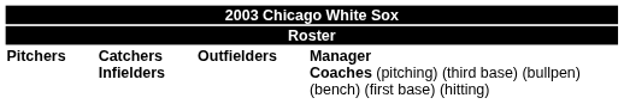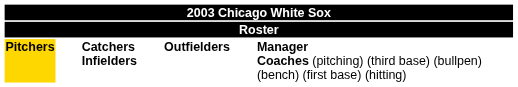 <table class="toccolours" style="font-size: 95%;">
 <tr>
 <th colspan="10" style="background-color: black; color: #FFFFFF; text-align: center;">2003 Chicago White Sox</th>
 </tr>
 <tr>
 <td colspan="10" style="background-color:black; color: white; text-align: center;"><strong>Roster</strong></td>
 </tr>
 <tr>
-<td valign="top"><strong>Pitchers</strong><br>                  </td>
+<td valign="top" style="background: gold;"><strong>Pitchers</strong><br>                  </td>
 <td width="25px"></td>
 <td valign="top"><strong>Catchers</strong><br>    <strong>Infielders</strong>         </td>
 <td width="25px"></td>
 <td valign="top"><strong>Outfielders</strong><br>      </td>
 <td width="25px"></td>
 <td valign="top"><strong>Manager</strong><br> <strong>Coaches</strong>  (pitching)  (third base)  (bullpen)  (bench)  (first base)  (hitting)</td>
 </tr>
 </table>
